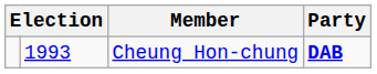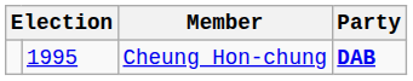 <table class="wikitable">
 <tr>
 <th colspan="2">Election</th>
 <th>Member</th>
 <th>Party</th>
 </tr>
 <tr>
 <td style="background-color: "></td>
-<td><a href='#'>1993</a></td>
+<td><a href='#'>1995</a></td>
 <td><a href='#'>Cheung Hon-chung</a></td>
 <td><strong><a href='#'>DAB</a></strong></td>
 </tr>
 </table>
